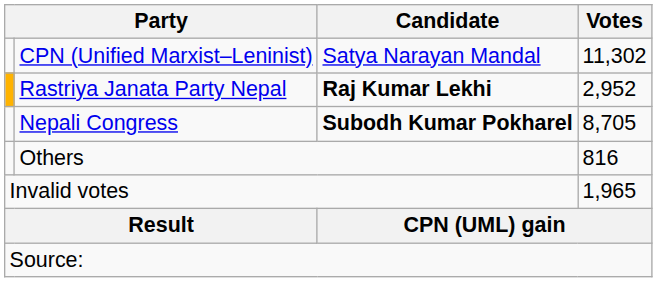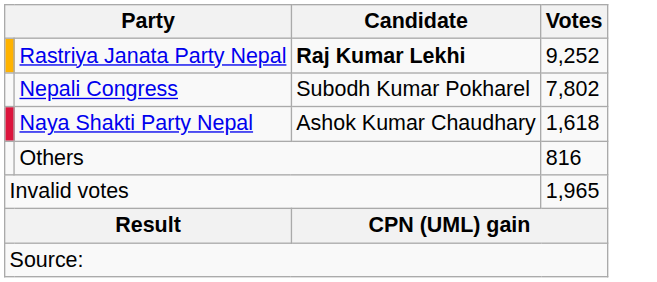 <table class="wikitable">
 <tr>
 <th colspan="2">Party</th>
 <th>Candidate</th>
 <th>Votes</th>
 </tr>
 <tr>
-<td style="background-color:"></td>
-<td><a href='#'>CPN (Unified Marxist–Leninist)</a></td>
-<td><a href='#'>Satya Narayan Mandal</a></td>
-<td>11,302</td>
-</tr>
-<tr>
 <td style="background-color:#ffb300"></td>
 <td><a href='#'>Rastriya Janata Party Nepal</a></td>
 <td><strong>Raj Kumar Lekhi</strong></td>
-<td>2,952</td>
+<td>9,252</td>
 </tr>
 <tr>
 <td style="background-color:"></td>
 <td><a href='#'>Nepali Congress</a></td>
-<td><strong>Subodh Kumar Pokharel</strong></td>
-<td>8,705</td>
+<td>Subodh Kumar Pokharel</td>
+<td>7,802</td>
+</tr>
+<tr>
+<td style="background-color:crimson"></td>
+<td><a href='#'>Naya Shakti Party Nepal</a></td>
+<td>Ashok Kumar Chaudhary</td>
+<td>1,618</td>
 </tr>
 <tr>
 <td></td>
 <td colspan="2">Others</td>
 <td>816</td>
 </tr>
 <tr>
 <td colspan="3">Invalid votes</td>
 <td>1,965</td>
 </tr>
 <tr>
 <th colspan="2">Result</th>
 <th colspan="2">CPN (UML) gain</th>
 </tr>
 <tr>
 <td colspan="4">Source: </td>
 </tr>
 </table>
